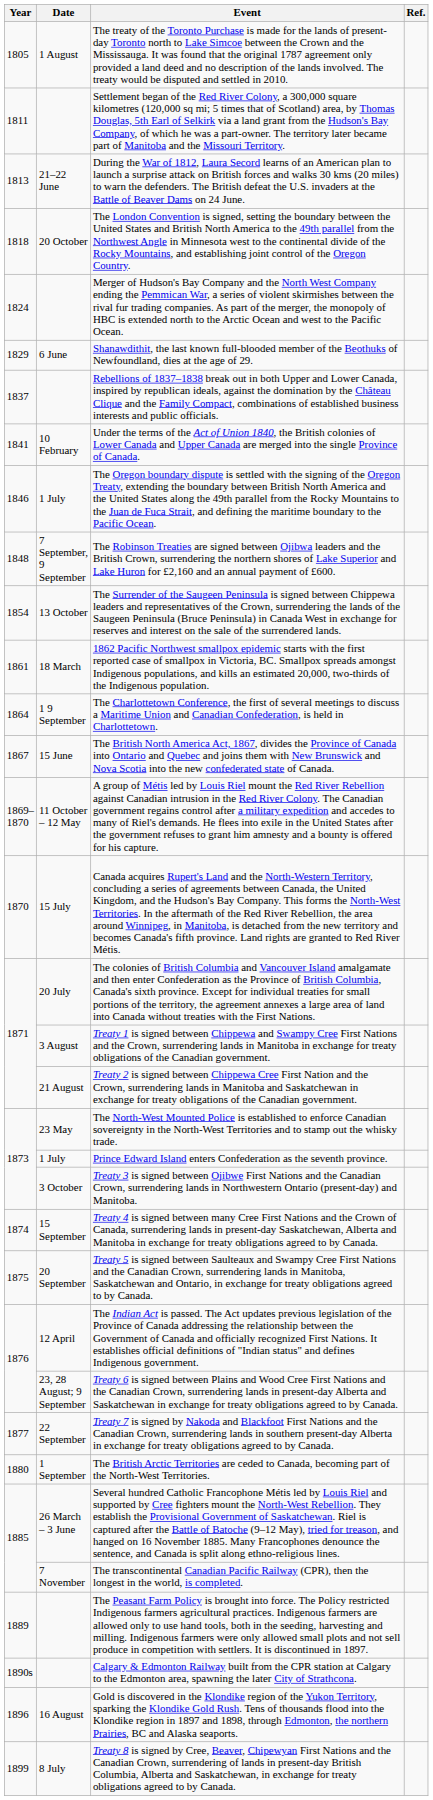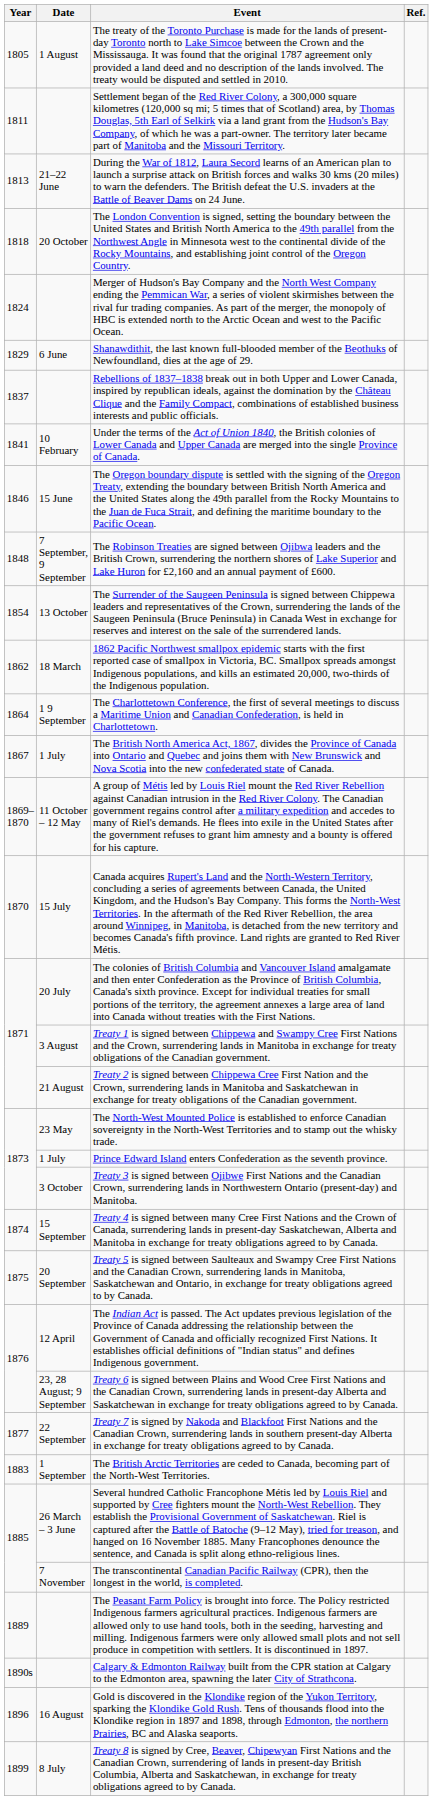 <table class="wikitable" width="100%">
 <tr>
 <th style="width:6%">Year</th>
 <th style="width:10%">Date</th>
 <th>Event</th>
 <th>Ref.</th>
 </tr>
 <tr>
 <td>1805</td>
 <td>1 August</td>
 <td>The treaty of the <a href='#'>Toronto Purchase</a> is made for the lands of present-day <a href='#'>Toronto</a> north to <a href='#'>Lake Simcoe</a> between the Crown and the Mississauga. It was found that the original 1787 agreement only provided a land deed and no description of the lands involved. The treaty would be disputed and settled in 2010.</td>
 </tr>
 <tr>
 <td>1811</td>
 <td></td>
 <td>Settlement began of the <a href='#'>Red River Colony</a>, a 300,000 square kilometres (120,000 sq mi; 5 times that of Scotland) area, by <a href='#'>Thomas Douglas, 5th Earl of Selkirk</a> via a land grant from the <a href='#'>Hudson's Bay Company</a>, of which he was a part-owner. The territory later became part of <a href='#'>Manitoba</a> and the <a href='#'>Missouri Territory</a>.</td>
 <td></td>
 </tr>
 <tr>
 <td>1813</td>
 <td>21–22 June</td>
 <td>During the <a href='#'>War of 1812</a>, <a href='#'>Laura Secord</a> learns of an American plan to launch a surprise attack on British forces and walks 30 kms (20 miles) to warn the defenders. The British defeat the U.S. invaders at the <a href='#'>Battle of Beaver Dams</a> on 24 June.</td>
 <td></td>
 </tr>
 <tr>
 <td>1818</td>
 <td>20 October</td>
 <td>The <a href='#'>London Convention</a> is signed, setting the boundary between the United States and British North America to the <a href='#'>49th parallel</a> from the <a href='#'>Northwest Angle</a> in Minnesota west to the continental divide of the <a href='#'>Rocky Mountains</a>, and establishing joint control of the <a href='#'>Oregon Country</a>.</td>
 <td></td>
 </tr>
 <tr>
 <td>1824</td>
 <td></td>
 <td>Merger of Hudson's Bay Company and the <a href='#'>North West Company</a> ending the <a href='#'>Pemmican War</a>, a series of violent skirmishes between the rival fur trading companies. As part of the merger, the monopoly of HBC is extended north to the Arctic Ocean and west to the Pacific Ocean.</td>
 <td></td>
 </tr>
 <tr>
 <td>1829</td>
 <td>6 June</td>
 <td><a href='#'>Shanawdithit</a>, the last known full-blooded member of the <a href='#'>Beothuks</a> of Newfoundland, dies at the age of 29.</td>
 <td></td>
 </tr>
 <tr>
 <td>1837</td>
 <td></td>
 <td><a href='#'>Rebellions of 1837–1838</a> break out in both Upper and Lower Canada, inspired by republican ideals, against the domination by the <a href='#'>Château Clique</a> and the <a href='#'>Family Compact</a>, combinations of established business interests and public officials.</td>
 <td></td>
 </tr>
 <tr>
 <td>1841</td>
 <td>10 February</td>
 <td>Under the terms of the <em><a href='#'>Act of Union 1840</a></em>, the British colonies of <a href='#'>Lower Canada</a> and <a href='#'>Upper Canada</a> are merged into the single <a href='#'>Province of Canada</a>.</td>
 <td></td>
 </tr>
 <tr>
 <td>1846</td>
-<td>1 July</td>
+<td>15 June</td>
 <td>The <a href='#'>Oregon boundary dispute</a> is settled with the signing of the <a href='#'>Oregon Treaty</a>, extending the boundary between British North America and the United States along the 49th parallel from the Rocky Mountains to the <a href='#'>Juan de Fuca Strait</a>, and defining the maritime boundary to the <a href='#'>Pacific Ocean</a>.</td>
 <td></td>
 </tr>
 <tr>
 <td>1848</td>
 <td>7 September, 9 September</td>
 <td>The <a href='#'>Robinson Treaties</a> are signed between <a href='#'>Ojibwa</a> leaders and the British Crown, surrendering the northern shores of <a href='#'>Lake Superior</a> and <a href='#'>Lake Huron</a> for £2,160 and an annual payment of £600.</td>
 <td></td>
 </tr>
 <tr>
 <td>1854</td>
 <td>13 October</td>
 <td>The <a href='#'>Surrender of the Saugeen Peninsula</a> is signed between Chippewa leaders and representatives of the Crown, surrendering the lands of the Saugeen Peninsula (Bruce Peninsula) in Canada West in exchange for reserves and interest on the sale of the surrendered lands.</td>
 </tr>
 <tr>
-<td>1861</td>
+<td>1862</td>
 <td>18 March</td>
 <td><a href='#'>1862 Pacific Northwest smallpox epidemic</a> starts with the first reported case of smallpox in Victoria, BC. Smallpox spreads amongst Indigenous populations, and kills an estimated 20,000, two-thirds of the Indigenous population.</td>
 <td></td>
 </tr>
 <tr>
 <td>1864</td>
 <td>1  9 September</td>
 <td>The <a href='#'>Charlottetown Conference</a>, the first of several meetings to discuss a <a href='#'>Maritime Union</a> and <a href='#'>Canadian Confederation</a>, is held in <a href='#'>Charlottetown</a>.</td>
 <td></td>
 </tr>
 <tr>
 <td>1867</td>
-<td>15 June</td>
+<td>1 July</td>
 <td>The <a href='#'>British North America Act, 1867</a>, divides the <a href='#'>Province of Canada</a> into <a href='#'>Ontario</a> and <a href='#'>Quebec</a> and joins them with <a href='#'>New Brunswick</a> and <a href='#'>Nova Scotia</a> into the new <a href='#'>confederated state</a> of Canada.</td>
 <td></td>
 </tr>
 <tr>
 <td>1869–1870</td>
 <td>11 October – 12 May</td>
 <td>A group of <a href='#'>Métis</a> led by <a href='#'>Louis Riel</a> mount the <a href='#'>Red River Rebellion</a> against Canadian intrusion in the <a href='#'>Red River Colony</a>. The Canadian government regains control after <a href='#'>a military expedition</a> and accedes to many of Riel's demands. He flees into exile in the United States after the government refuses to grant him amnesty and a bounty is offered for his capture.</td>
 <td></td>
 </tr>
 <tr>
 <td>1870</td>
 <td>15 July</td>
 <td><br>Canada acquires <a href='#'>Rupert's Land</a> and the <a href='#'>North-Western Territory</a>, concluding a series of agreements between Canada, the United Kingdom, and the Hudson's Bay Company. This forms the <a href='#'>North-West Territories</a>. In the aftermath of the Red River Rebellion, the area around <a href='#'>Winnipeg</a>, in <a href='#'>Manitoba</a>, is detached from the new territory and becomes Canada's fifth province. Land rights are granted to Red River Métis.</td>
 <td></td>
 </tr>
 <tr>
 <td rowspan="3">1871</td>
 <td>20 July</td>
 <td>The colonies of <a href='#'>British Columbia</a> and <a href='#'>Vancouver Island</a> amalgamate and then enter Confederation as the Province of <a href='#'>British Columbia</a>, Canada's sixth province. Except for individual treaties for small portions of the territory, the agreement annexes a large area of land into Canada without treaties with the First Nations.</td>
 <td></td>
 </tr>
 <tr>
 <td>3 August</td>
 <td><em><a href='#'>Treaty 1</a></em> is signed between <a href='#'>Chippewa</a> and <a href='#'>Swampy Cree</a> First Nations and the Crown, surrendering lands in Manitoba in exchange for treaty obligations of the Canadian government.</td>
 <td></td>
 </tr>
 <tr>
 <td>21 August</td>
 <td><em><a href='#'>Treaty 2</a></em> is signed between <a href='#'>Chippewa Cree</a> First Nation and the Crown, surrendering lands in Manitoba and Saskatchewan in exchange for treaty obligations of the Canadian government.</td>
 <td></td>
 </tr>
 <tr>
 <td rowspan="3">1873</td>
 <td>23 May</td>
 <td>The <a href='#'>North-West Mounted Police</a> is established to enforce Canadian sovereignty in the North-West Territories and to stamp out the whisky trade.</td>
 <td></td>
 </tr>
 <tr>
 <td>1 July</td>
 <td><a href='#'>Prince Edward Island</a> enters Confederation as the seventh province.</td>
 <td></td>
 </tr>
 <tr>
 <td>3 October</td>
 <td><em><a href='#'>Treaty 3</a></em> is signed between <a href='#'>Ojibwe</a> First Nations and the Canadian Crown, surrendering lands in Northwestern Ontario (present-day) and Manitoba.</td>
 <td></td>
 </tr>
 <tr>
 <td>1874</td>
 <td>15 September</td>
 <td><em><a href='#'>Treaty 4</a></em> is signed between many Cree First Nations and the Crown of Canada, surrendering lands in present-day Saskatchewan, Alberta and Manitoba in exchange for treaty obligations agreed to by Canada.</td>
 <td></td>
 </tr>
 <tr>
 <td>1875</td>
 <td>20 September</td>
 <td><em><a href='#'>Treaty 5</a></em> is signed between Saulteaux and Swampy Cree First Nations and the Canadian Crown, surrendering lands in Manitoba, Saskatchewan and Ontario, in exchange for treaty obligations agreed to by Canada.</td>
 <td></td>
 </tr>
 <tr>
 <td rowspan="2">1876</td>
 <td>12 April</td>
 <td>The <em><a href='#'>Indian Act</a></em> is passed. The Act updates previous legislation of the Province of Canada addressing the relationship between the Government of Canada and officially recognized First Nations. It establishes official definitions of "Indian status" and defines Indigenous government.</td>
 <td></td>
 </tr>
 <tr>
 <td>23, 28 August; 9 September</td>
 <td><em><a href='#'>Treaty 6</a></em> is signed between Plains and Wood Cree First Nations and the Canadian Crown, surrendering lands in present-day Alberta and Saskatchewan in exchange for treaty obligations agreed to by Canada.</td>
 <td></td>
 </tr>
 <tr>
 <td>1877</td>
 <td>22 September</td>
 <td><em><a href='#'>Treaty 7</a></em> is signed by <a href='#'>Nakoda</a> and <a href='#'>Blackfoot</a> First Nations and the Canadian Crown, surrendering lands in southern present-day Alberta in exchange for treaty obligations agreed to by Canada.</td>
 <td></td>
 </tr>
 <tr>
-<td>1880</td>
+<td>1883</td>
 <td>1 September</td>
 <td>The <a href='#'>British Arctic Territories</a> are ceded to Canada, becoming part of the North-West Territories.</td>
 <td></td>
 </tr>
 <tr>
 <td rowspan="2">1885</td>
 <td>26 March – 3 June</td>
 <td>Several hundred Catholic Francophone Métis led by <a href='#'>Louis Riel</a> and supported by <a href='#'>Cree</a> fighters mount the <a href='#'>North-West Rebellion</a>. They establish the <a href='#'>Provisional Government of Saskatchewan</a>. Riel is captured after the <a href='#'>Battle of Batoche</a> (9–12 May), <a href='#'>tried for treason</a>, and hanged on 16 November 1885. Many Francophones denounce the sentence, and Canada is split along ethno-religious lines.</td>
 <td></td>
 </tr>
 <tr>
 <td>7 November</td>
 <td>The transcontinental <a href='#'>Canadian Pacific Railway</a> (CPR), then the longest in the world, <a href='#'>is completed</a>.</td>
 <td></td>
 </tr>
 <tr>
 <td>1889</td>
 <td></td>
 <td>The <a href='#'>Peasant Farm Policy</a> is brought into force. The Policy restricted Indigenous farmers agricultural practices. Indigenous farmers are allowed only to use hand tools, both in the seeding, harvesting and milling. Indigenous farmers were only allowed small plots and not sell produce in competition with settlers. It is discontinued in 1897.</td>
 <td></td>
 </tr>
 <tr>
 <td>1890s</td>
 <td></td>
 <td><a href='#'>Calgary & Edmonton Railway</a> built from the CPR station at Calgary to the Edmonton area, spawning the later <a href='#'>City of Strathcona</a>.</td>
 <td></td>
 </tr>
 <tr>
 <td>1896</td>
 <td>16 August</td>
 <td>Gold is discovered in the <a href='#'>Klondike</a> region of the <a href='#'>Yukon Territory</a>, sparking the <a href='#'>Klondike Gold Rush</a>. Tens of thousands flood into the Klondike region in 1897 and 1898, through <a href='#'>Edmonton</a>, <a href='#'>the northern Prairies</a>, BC and Alaska seaports.</td>
 <td></td>
 </tr>
 <tr>
 <td>1899</td>
 <td>8 July</td>
 <td><em><a href='#'>Treaty 8</a></em> is signed by Cree, <a href='#'>Beaver</a>, <a href='#'>Chipewyan</a> First Nations and the Canadian Crown, surrendering  of lands in present-day British Columbia, Alberta and Saskatchewan, in exchange for treaty obligations agreed to by Canada.</td>
 <td></td>
 </tr>
 </table>
